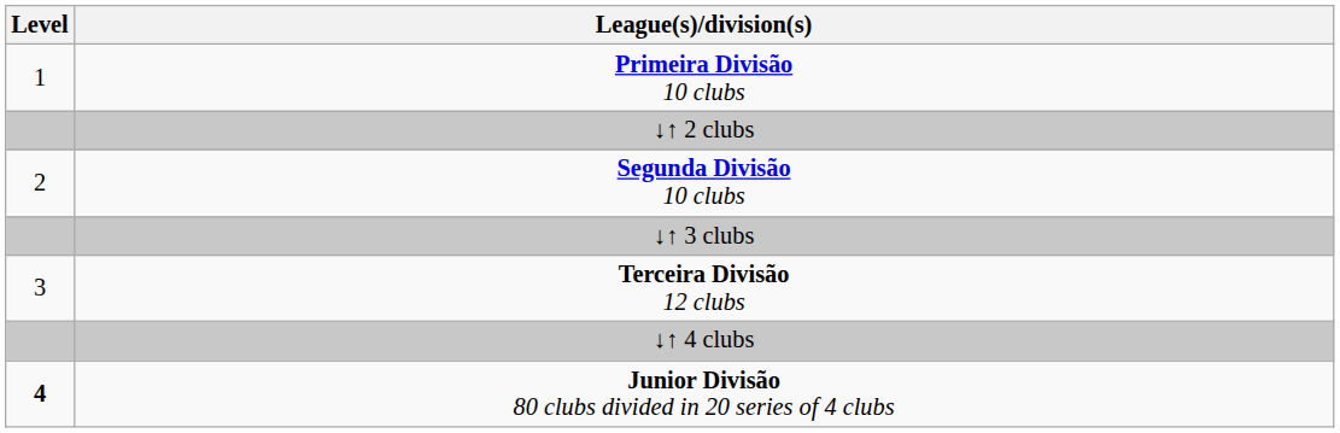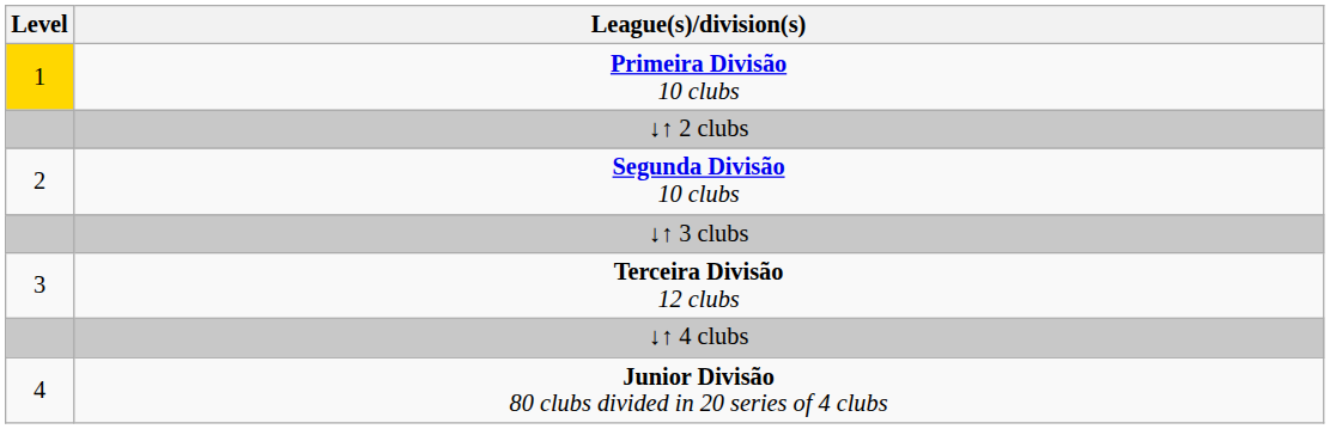 <table class="wikitable" style="text-align: center;">
 <tr>
 <th>Level</th>
 <th colspan="12">League(s)/division(s)</th>
 </tr>
 <tr>
-<td>1</td>
+<td style="background: gold;">1</td>
 <td colspan="12"><strong><a href='#'>Primeira Divisão</a></strong><br><em>10 clubs</em></td>
 </tr>
 <tr style="background:#c8c8c8">
 <td style="width:4%;"></td>
 <td colspan="9" style="width:96%;">↓↑ 2 clubs</td>
 </tr>
 <tr>
 <td>2</td>
 <td colspan="12"><strong><a href='#'>Segunda Divisão</a></strong><br><em>10 clubs</em></td>
 </tr>
 <tr style="background:#c8c8c8">
 <td style="width:4%;"></td>
 <td colspan="9" style="width:96%;">↓↑ 3 clubs</td>
 </tr>
 <tr>
 <td>3</td>
 <td colspan="12"><strong>Terceira Divisão</strong><br><em>12 clubs</em></td>
 </tr>
 <tr style="background:#c8c8c8">
 <td style="width:4%;"></td>
 <td colspan="9" style="width:96%;">↓↑ 4 clubs</td>
 </tr>
 <tr>
-<td><strong>4</strong></td>
+<td>4</td>
 <td colspan="12"><strong>Junior Divisão</strong><br><em>80 clubs divided in 20 series of 4 clubs</em></td>
 </tr>
 </table>
